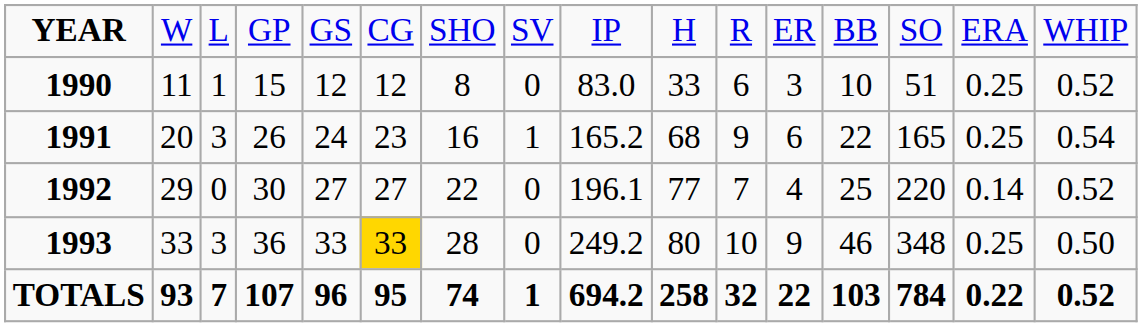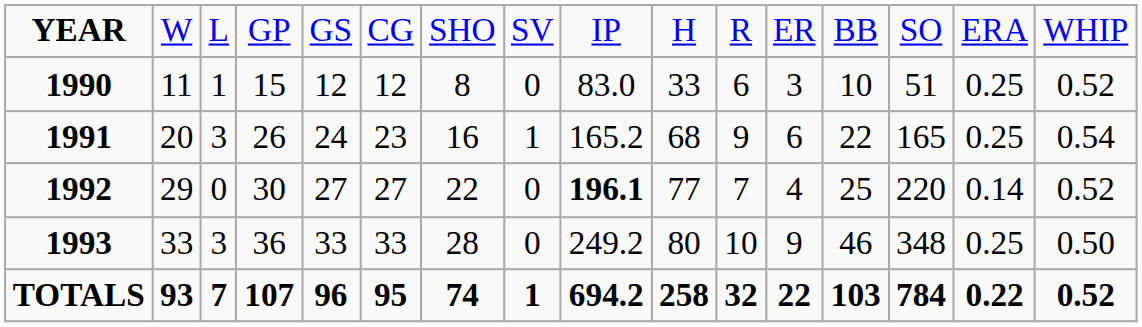 <table class="wikitable" style="text-align:center;">
 <tr>
 <td><strong>YEAR</strong></td>
 <td><a href='#'>W</a></td>
 <td><a href='#'>L</a></td>
 <td><a href='#'>GP</a></td>
 <td><a href='#'>GS</a></td>
 <td><a href='#'>CG</a></td>
 <td><a href='#'>SHO</a></td>
 <td><a href='#'>SV</a></td>
 <td><a href='#'>IP</a></td>
 <td><a href='#'>H</a></td>
 <td><a href='#'>R</a></td>
 <td><a href='#'>ER</a></td>
 <td><a href='#'>BB</a></td>
 <td><a href='#'>SO</a></td>
 <td><a href='#'>ERA</a></td>
 <td><a href='#'>WHIP</a></td>
 </tr>
 <tr>
 <td><strong>1990</strong></td>
 <td>11</td>
 <td>1</td>
 <td>15</td>
 <td>12</td>
 <td>12</td>
 <td>8</td>
 <td>0</td>
 <td>83.0</td>
 <td>33</td>
 <td>6</td>
 <td>3</td>
 <td>10</td>
 <td>51</td>
 <td>0.25</td>
 <td>0.52</td>
 </tr>
 <tr>
 <td><strong>1991</strong></td>
 <td>20</td>
 <td>3</td>
 <td>26</td>
 <td>24</td>
 <td>23</td>
 <td>16</td>
 <td>1</td>
 <td>165.2</td>
 <td>68</td>
 <td>9</td>
 <td>6</td>
 <td>22</td>
 <td>165</td>
 <td>0.25</td>
 <td>0.54</td>
 </tr>
 <tr>
 <td><strong>1992</strong></td>
 <td>29</td>
 <td>0</td>
 <td>30</td>
 <td>27</td>
 <td>27</td>
 <td>22</td>
 <td>0</td>
-<td>196.1</td>
+<td><strong>196.1</strong></td>
 <td>77</td>
 <td>7</td>
 <td>4</td>
 <td>25</td>
 <td>220</td>
 <td>0.14</td>
 <td>0.52</td>
 </tr>
 <tr>
 <td><strong>1993</strong></td>
 <td>33</td>
 <td>3</td>
 <td>36</td>
 <td>33</td>
-<td style="background: gold;">33</td>
+<td>33</td>
 <td>28</td>
 <td>0</td>
 <td>249.2</td>
 <td>80</td>
 <td>10</td>
 <td>9</td>
 <td>46</td>
 <td>348</td>
 <td>0.25</td>
 <td>0.50</td>
 </tr>
 <tr>
 <td><strong>TOTALS</strong></td>
 <td><strong>93</strong></td>
 <td><strong>7</strong></td>
 <td><strong>107</strong></td>
 <td><strong>96</strong></td>
 <td><strong>95</strong></td>
 <td><strong>74</strong></td>
 <td><strong>1</strong></td>
 <td><strong>694.2</strong></td>
 <td><strong>258</strong></td>
 <td><strong>32</strong></td>
 <td><strong>22</strong></td>
 <td><strong>103</strong></td>
 <td><strong>784</strong></td>
 <td><strong>0.22</strong></td>
 <td><strong>0.52</strong></td>
 </tr>
 </table>
